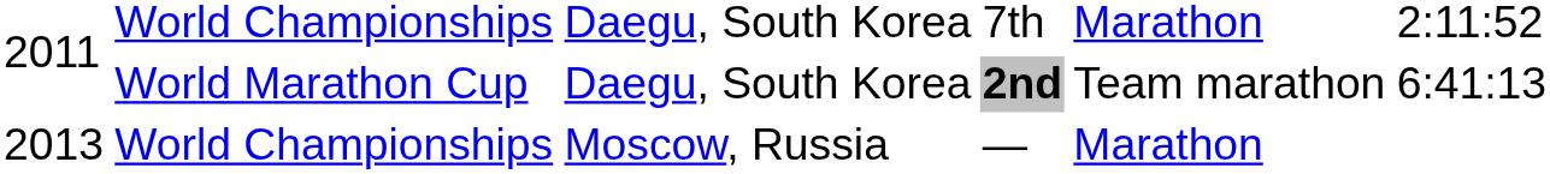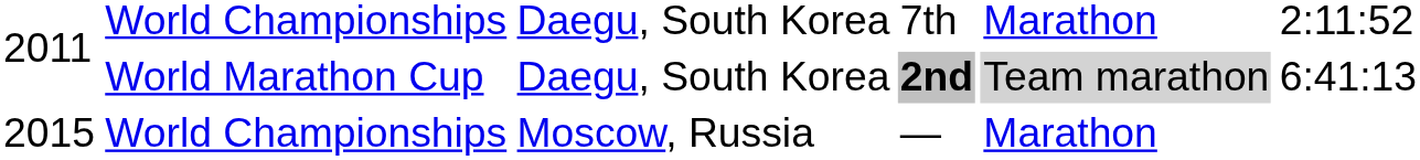 <table>
 <tr>
 <td rowspan=2>2011</td>
 <td><a href='#'>World Championships</a></td>
 <td><a href='#'>Daegu</a>, South Korea</td>
 <td>7th</td>
 <td><a href='#'>Marathon</a></td>
 <td>2:11:52</td>
 </tr>
 <tr>
 <td><a href='#'>World Marathon Cup</a></td>
 <td><a href='#'>Daegu</a>, South Korea</td>
 <td bgcolor=silver><strong>2nd</strong></td>
-<td>Team marathon</td>
+<td style="background: lightgrey;">Team marathon</td>
 <td>6:41:13</td>
 </tr>
 <tr>
-<td>2013</td>
+<td>2015</td>
 <td><a href='#'>World Championships</a></td>
 <td><a href='#'>Moscow</a>, Russia</td>
 <td>—</td>
 <td><a href='#'>Marathon</a></td>
 <td></td>
 </tr>
 </table>
